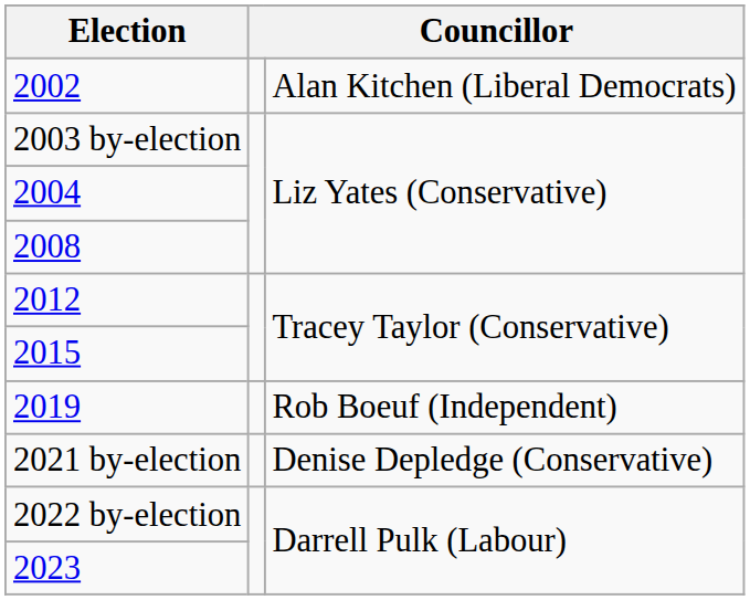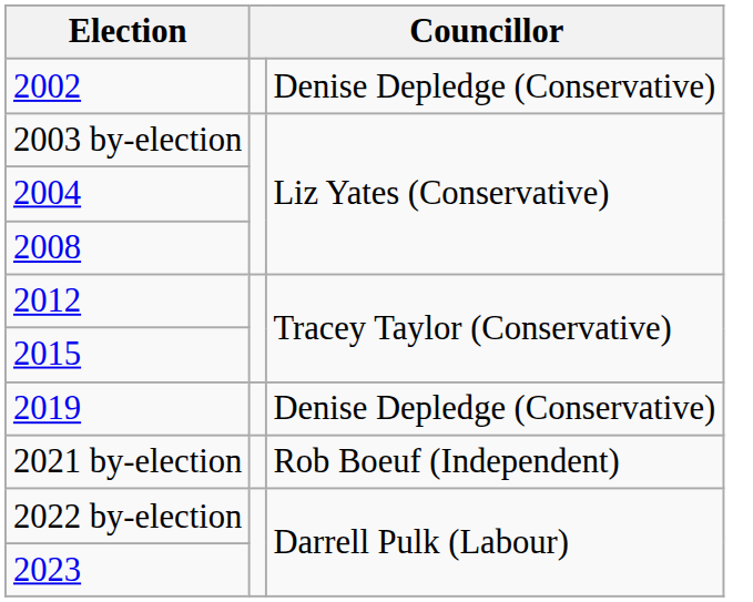 <table class="wikitable">
 <tr>
 <th>Election</th>
 <th colspan="2">Councillor</th>
 </tr>
 <tr>
 <td><a href='#'>2002</a></td>
 <td style="background-color: "></td>
-<td>Alan Kitchen (Liberal Democrats)</td>
+<td>Denise Depledge (Conservative)</td>
 </tr>
 <tr>
 <td>2003 by-election</td>
 <td rowspan="3" style="background-color: "></td>
 <td rowspan="3">Liz Yates (Conservative)</td>
 </tr>
 <tr>
 <td><a href='#'>2004</a></td>
 </tr>
 <tr>
 <td><a href='#'>2008</a></td>
 </tr>
 <tr>
 <td><a href='#'>2012</a></td>
 <td rowspan="2" style="background-color: "></td>
 <td rowspan="2">Tracey Taylor (Conservative)</td>
 </tr>
 <tr>
 <td><a href='#'>2015</a></td>
 </tr>
 <tr>
 <td><a href='#'>2019</a></td>
 <td style="background-color: "></td>
-<td>Rob Boeuf (Independent)</td>
+<td>Denise Depledge (Conservative)</td>
 </tr>
 <tr>
 <td>2021 by-election</td>
 <td style="background-color: "></td>
-<td>Denise Depledge (Conservative)</td>
+<td>Rob Boeuf (Independent)</td>
 </tr>
 <tr>
 <td>2022 by-election</td>
 <td rowspan="2" style="background-color: "></td>
 <td rowspan="2">Darrell Pulk (Labour)</td>
 </tr>
 <tr>
 <td><a href='#'>2023</a></td>
 </tr>
 </table>
